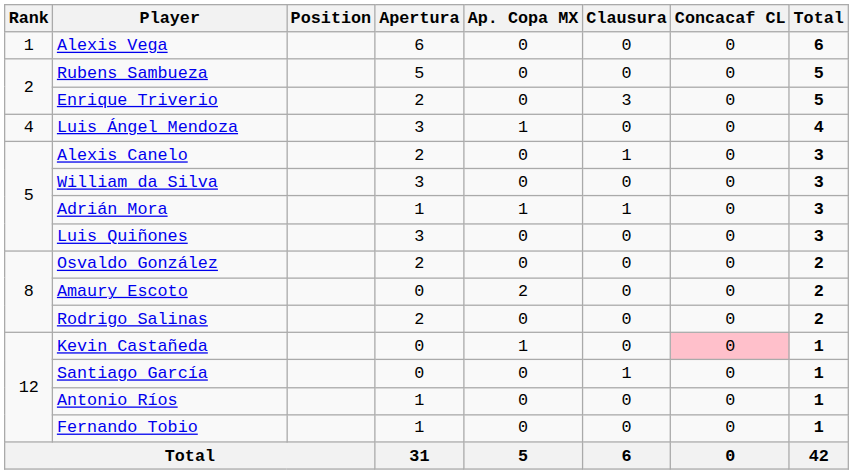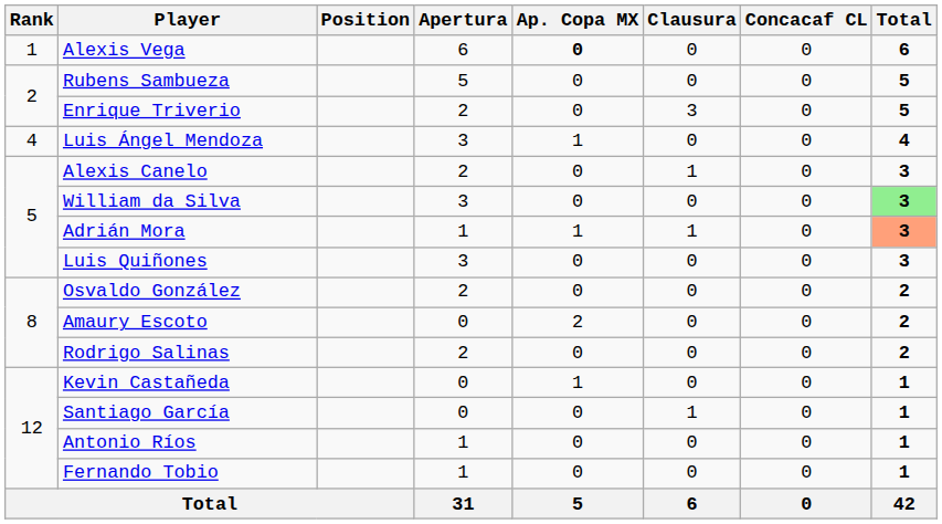 <table class="wikitable">
 <tr>
 <th>Rank</th>
 <th style="width:175px;">Player</th>
 <th>Position</th>
 <th>Apertura</th>
 <th>Ap. Copa MX</th>
 <th>Clausura</th>
 <th>Concacaf CL</th>
 <th>Total</th>
 </tr>
 <tr>
 <td align=center>1</td>
 <td> <a href='#'>Alexis Vega</a></td>
 <td align=center></td>
 <td align=center>6</td>
-<td align=center>0</td>
+<td align=center><strong>0</strong></td>
 <td align=center>0</td>
 <td align=center>0</td>
 <td align=center><strong>6</strong></td>
 </tr>
 <tr>
 <td align=center rowspan=2>2</td>
 <td> <a href='#'>Rubens Sambueza</a></td>
 <td align=center></td>
 <td align=center>5</td>
 <td align=center>0</td>
 <td align=center>0</td>
 <td align=center>0</td>
 <td align=center><strong>5</strong></td>
 </tr>
 <tr>
 <td> <a href='#'>Enrique Triverio</a></td>
 <td align=center></td>
 <td align=center>2</td>
 <td align=center>0</td>
 <td align=center>3</td>
 <td align=center>0</td>
 <td align=center><strong>5</strong></td>
 </tr>
 <tr>
 <td align=center>4</td>
 <td> <a href='#'>Luis Ángel Mendoza</a></td>
 <td align=center></td>
 <td align=center>3</td>
 <td align=center>1</td>
 <td align=center>0</td>
 <td align=center>0</td>
 <td align=center><strong>4</strong></td>
 </tr>
 <tr>
 <td align=center rowspan=4>5</td>
 <td> <a href='#'>Alexis Canelo</a></td>
 <td align=center></td>
 <td align=center>2</td>
 <td align=center>0</td>
 <td align=center>1</td>
 <td align=center>0</td>
 <td align=center><strong>3</strong></td>
 </tr>
 <tr>
 <td> <a href='#'>William da Silva</a></td>
 <td align=center></td>
 <td align=center>3</td>
 <td align=center>0</td>
 <td align=center>0</td>
 <td align=center>0</td>
-<td align=center><strong>3</strong></td>
+<td align=center style="background: lightgreen;"><strong>3</strong></td>
 </tr>
 <tr>
 <td> <a href='#'>Adrián Mora</a></td>
 <td align=center></td>
 <td align=center>1</td>
 <td align=center>1</td>
 <td align=center>1</td>
 <td align=center>0</td>
-<td align=center><strong>3</strong></td>
+<td align=center style="background: lightsalmon;"><strong>3</strong></td>
 </tr>
 <tr>
 <td> <a href='#'>Luis Quiñones</a></td>
 <td align=center></td>
 <td align=center>3</td>
 <td align=center>0</td>
 <td align=center>0</td>
 <td align=center>0</td>
 <td align=center><strong>3</strong></td>
 </tr>
 <tr>
 <td align=center rowspan=3>8</td>
 <td> <a href='#'>Osvaldo González</a></td>
 <td align=center></td>
 <td align=center>2</td>
 <td align=center>0</td>
 <td align=center>0</td>
 <td align=center>0</td>
 <td align=center><strong>2</strong></td>
 </tr>
 <tr>
 <td> <a href='#'>Amaury Escoto</a></td>
 <td align=center></td>
 <td align=center>0</td>
 <td align=center>2</td>
 <td align=center>0</td>
 <td align=center>0</td>
 <td align=center><strong>2</strong></td>
 </tr>
 <tr>
 <td> <a href='#'>Rodrigo Salinas</a></td>
 <td align=center></td>
 <td align=center>2</td>
 <td align=center>0</td>
 <td align=center>0</td>
 <td align=center>0</td>
 <td align=center><strong>2</strong></td>
 </tr>
 <tr>
 <td align=center rowspan=4>12</td>
 <td> <a href='#'>Kevin Castañeda</a></td>
 <td align=center></td>
 <td align=center>0</td>
 <td align=center>1</td>
 <td align=center>0</td>
-<td align=center style="background: pink;">0</td>
+<td align=center>0</td>
 <td align=center><strong>1</strong></td>
 </tr>
 <tr>
 <td> <a href='#'>Santiago García</a></td>
 <td align=center></td>
 <td align=center>0</td>
 <td align=center>0</td>
 <td align=center>1</td>
 <td align=center>0</td>
 <td align=center><strong>1</strong></td>
 </tr>
 <tr>
 <td> <a href='#'>Antonio Ríos</a></td>
 <td align=center></td>
 <td align=center>1</td>
 <td align=center>0</td>
 <td align=center>0</td>
 <td align=center>0</td>
 <td align=center><strong>1</strong></td>
 </tr>
 <tr>
 <td> <a href='#'>Fernando Tobio</a></td>
 <td align=center></td>
 <td align=center>1</td>
 <td align=center>0</td>
 <td align=center>0</td>
 <td align=center>0</td>
 <td align=center><strong>1</strong></td>
 </tr>
 <tr>
 <th align=center colspan=3>Total</th>
 <th align=center>31</th>
 <th align=center>5</th>
 <th align=center>6</th>
 <th align=center>0</th>
 <th align=center>42</th>
 </tr>
 </table>
